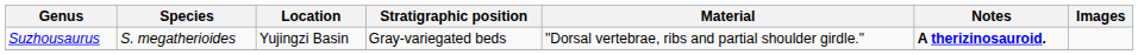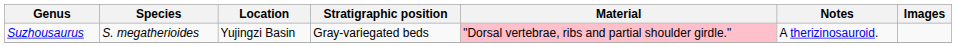 <table class="wikitable" align="center" width="100%">
 <tr>
 <th>Genus</th>
 <th>Species</th>
 <th>Location</th>
 <th>Stratigraphic position</th>
 <th>Material</th>
 <th>Notes</th>
 <th>Images</th>
 </tr>
 <tr>
 <td><em><a href='#'>Suzhousaurus</a></em></td>
 <td><em>S. megatherioides</em></td>
 <td>Yujingzi Basin</td>
 <td>Gray-variegated beds</td>
-<td>"Dorsal vertebrae, ribs and partial shoulder girdle."</td>
-<td><strong>A <a href='#'>therizinosauroid</a>.</strong></td>
+<td style="background: pink;">"Dorsal vertebrae, ribs and partial shoulder girdle."</td>
+<td>A <a href='#'>therizinosauroid</a>.</td>
 <td></td>
 </tr>
 <tr>
 </tr>
 </table>
